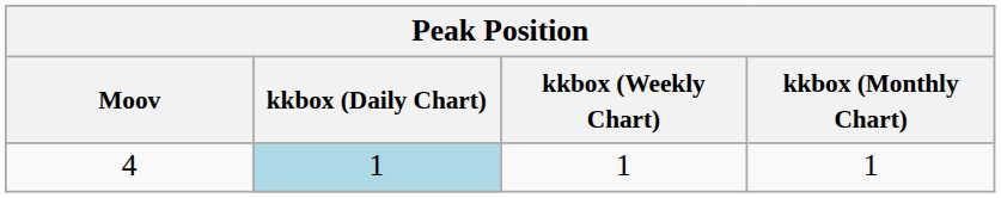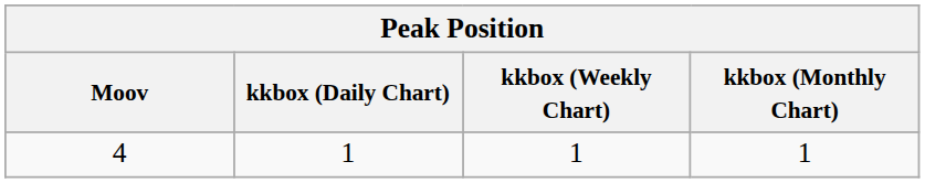 <table class="wikitable" span style="font-size:90%">
 <tr>
 <th align="center" colspan="4">Peak Position</th>
 </tr>
 <tr>
 <th width="110"><small>Moov</small></th>
 <th width="110"><small>kkbox (Daily Chart)</small></th>
 <th width="110"><small>kkbox (Weekly Chart)</small></th>
 <th width="110"><small>kkbox (Monthly Chart)</small></th>
 </tr>
 <tr>
 <td align="center">4</td>
-<td align="center" style="background: lightblue;">1</td>
+<td align="center">1</td>
 <td align="center">1</td>
 <td align="center">1</td>
 </tr>
 </table>
